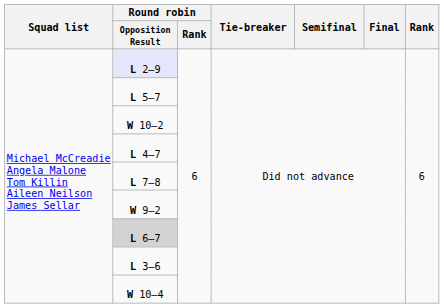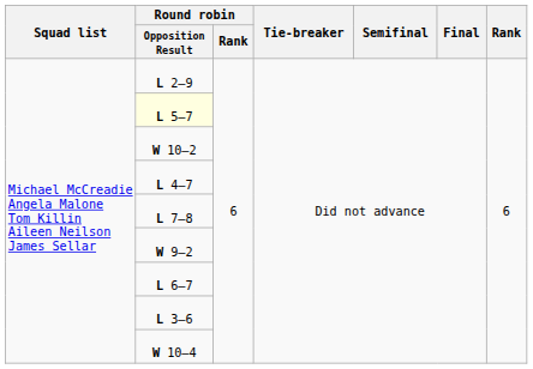 <table class="wikitable" style="text-align:left; font-size:100%">
 <tr>
 <th rowspan="2" width="25%">Squad list</th>
 <th colspan="2">Round robin</th>
 <th rowspan="2">Tie-breaker</th>
 <th rowspan="2">Semifinal</th>
 <th rowspan="2">Final</th>
 <th rowspan="2">Rank</th>
 </tr>
 <tr>
 <th><small>Opposition<br>Result</small></th>
 <th>Rank</th>
 </tr>
 <tr>
 <td rowspan="9"><br><a href='#'>Michael McCreadie</a><br><a href='#'>Angela Malone</a><br><a href='#'>Tom Killin</a><br><a href='#'>Aileen Neilson</a><br><a href='#'>James Sellar</a></td>
-<td align=center style="background: lavender;"><br><strong>L</strong> 2–9<br></td>
+<td align=center><br><strong>L</strong> 2–9<br></td>
 <td rowspan="9" align=center>6</td>
 <td rowspan="9" colspan=3 align=center>Did not advance</td>
 <td rowspan="9" align=center>6</td>
 </tr>
 <tr>
-<td align=center><br><strong>L</strong> 5–7<br></td>
+<td align=center style="background: lightyellow;"><br><strong>L</strong> 5–7<br></td>
 </tr>
 <tr>
 <td align=center><br><strong>W</strong> 10–2<br></td>
 </tr>
 <tr>
 <td align=center><br><strong>L</strong> 4–7<br></td>
 </tr>
 <tr>
 <td align=center><br><strong>L</strong> 7–8<br></td>
 </tr>
 <tr>
 <td align=center><br><strong>W</strong> 9–2<br></td>
 </tr>
 <tr>
-<td align=center style="background: lightgrey;"><br><strong>L</strong> 6–7<br></td>
+<td align=center><br><strong>L</strong> 6–7<br></td>
 </tr>
 <tr>
 <td align=center><br><strong>L</strong> 3–6<br></td>
 </tr>
 <tr>
 <td align=center><br><strong>W</strong> 10–4<br></td>
 </tr>
 </table>
